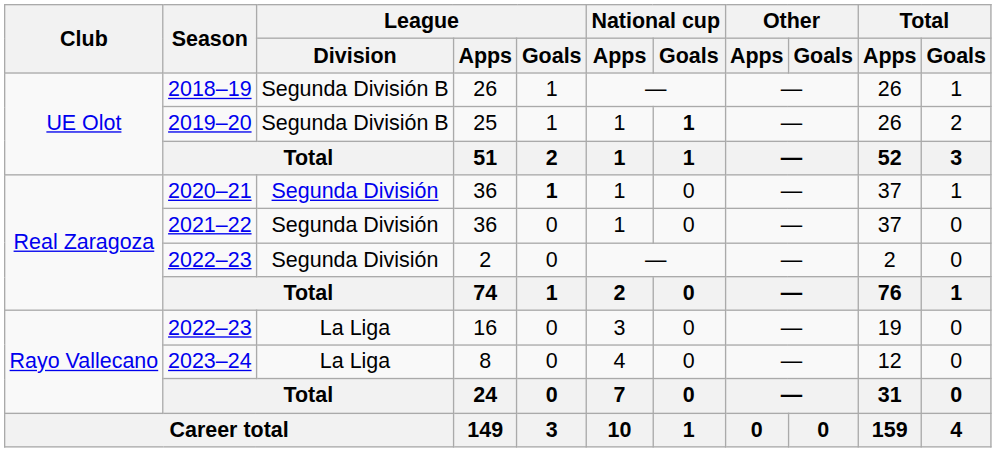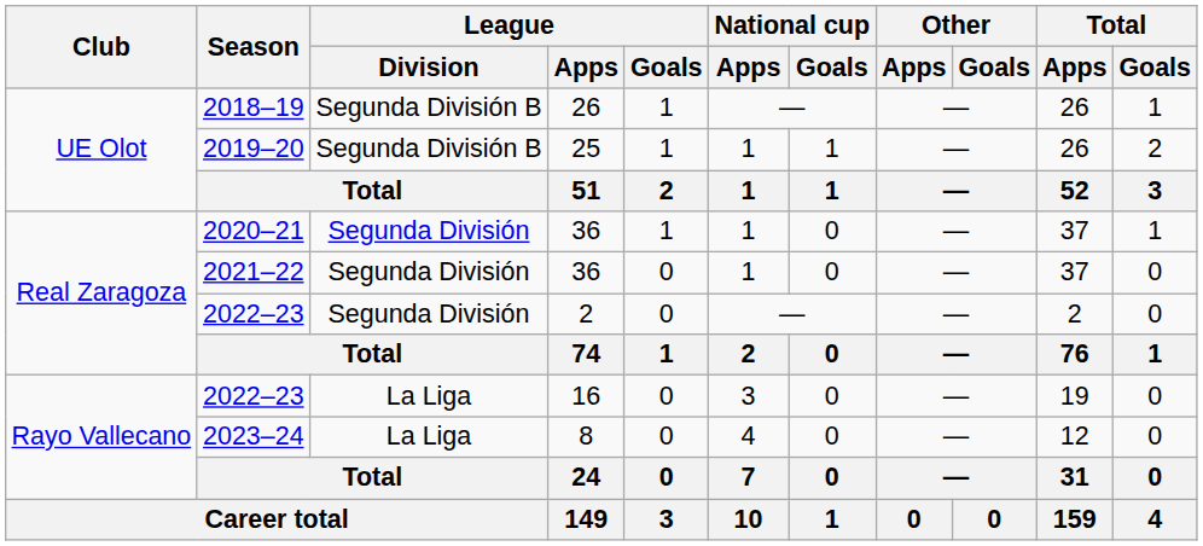 <table class="wikitable" style="text-align: center;">
 <tr>
 <th rowspan="2">Club</th>
 <th rowspan="2">Season</th>
 <th colspan="3">League</th>
 <th colspan="2">National cup</th>
 <th colspan="2">Other</th>
 <th colspan="2">Total</th>
 </tr>
 <tr>
 <th>Division</th>
 <th>Apps</th>
 <th>Goals</th>
 <th>Apps</th>
 <th>Goals</th>
 <th>Apps</th>
 <th>Goals</th>
 <th>Apps</th>
 <th>Goals</th>
 </tr>
 <tr>
 <td rowspan="3"><a href='#'>UE Olot</a></td>
 <td><a href='#'>2018–19</a></td>
 <td>Segunda División B</td>
 <td>26</td>
 <td>1</td>
 <td colspan="2">—</td>
 <td colspan="2">—</td>
 <td>26</td>
 <td>1</td>
 </tr>
 <tr>
 <td><a href='#'>2019–20</a></td>
 <td>Segunda División B</td>
 <td>25</td>
 <td>1</td>
 <td>1</td>
-<td><strong>1</strong></td>
+<td>1</td>
 <td colspan="2">—</td>
 <td>26</td>
 <td>2</td>
 </tr>
 <tr>
 <th colspan="2">Total</th>
 <th>51</th>
 <th>2</th>
 <th>1</th>
 <th>1</th>
 <th colspan="2">—</th>
 <th>52</th>
 <th>3</th>
 </tr>
 <tr>
 <td rowspan="4"><a href='#'>Real Zaragoza</a></td>
 <td><a href='#'>2020–21</a></td>
 <td><a href='#'>Segunda División</a></td>
 <td>36</td>
-<td><strong>1</strong></td>
+<td>1</td>
 <td>1</td>
 <td>0</td>
 <td colspan="2">—</td>
 <td>37</td>
 <td>1</td>
 </tr>
 <tr>
 <td><a href='#'>2021–22</a></td>
 <td>Segunda División</td>
 <td>36</td>
 <td>0</td>
 <td>1</td>
 <td>0</td>
 <td colspan="2">—</td>
 <td>37</td>
 <td>0</td>
 </tr>
 <tr>
 <td><a href='#'>2022–23</a></td>
 <td>Segunda División</td>
 <td>2</td>
 <td>0</td>
 <td colspan="2">—</td>
 <td colspan="2">—</td>
 <td>2</td>
 <td>0</td>
 </tr>
 <tr>
 <th colspan="2">Total</th>
 <th>74</th>
 <th>1</th>
 <th>2</th>
 <th>0</th>
 <th colspan="2">—</th>
 <th>76</th>
 <th>1</th>
 </tr>
 <tr>
 <td rowspan="3"><a href='#'>Rayo Vallecano</a></td>
 <td><a href='#'>2022–23</a></td>
 <td>La Liga</td>
 <td>16</td>
 <td>0</td>
 <td>3</td>
 <td>0</td>
 <td colspan="2">—</td>
 <td>19</td>
 <td>0</td>
 </tr>
 <tr>
 <td><a href='#'>2023–24</a></td>
 <td>La Liga</td>
 <td>8</td>
 <td>0</td>
 <td>4</td>
 <td>0</td>
 <td colspan="2">—</td>
 <td>12</td>
 <td>0</td>
 </tr>
 <tr>
 <th colspan="2">Total</th>
 <th>24</th>
 <th>0</th>
 <th>7</th>
 <th>0</th>
 <th colspan="2">—</th>
 <th>31</th>
 <th>0</th>
 </tr>
 <tr>
 <th colspan="3">Career total</th>
 <th>149</th>
 <th>3</th>
 <th>10</th>
 <th>1</th>
 <th>0</th>
 <th>0</th>
 <th>159</th>
 <th>4</th>
 </tr>
 </table>
